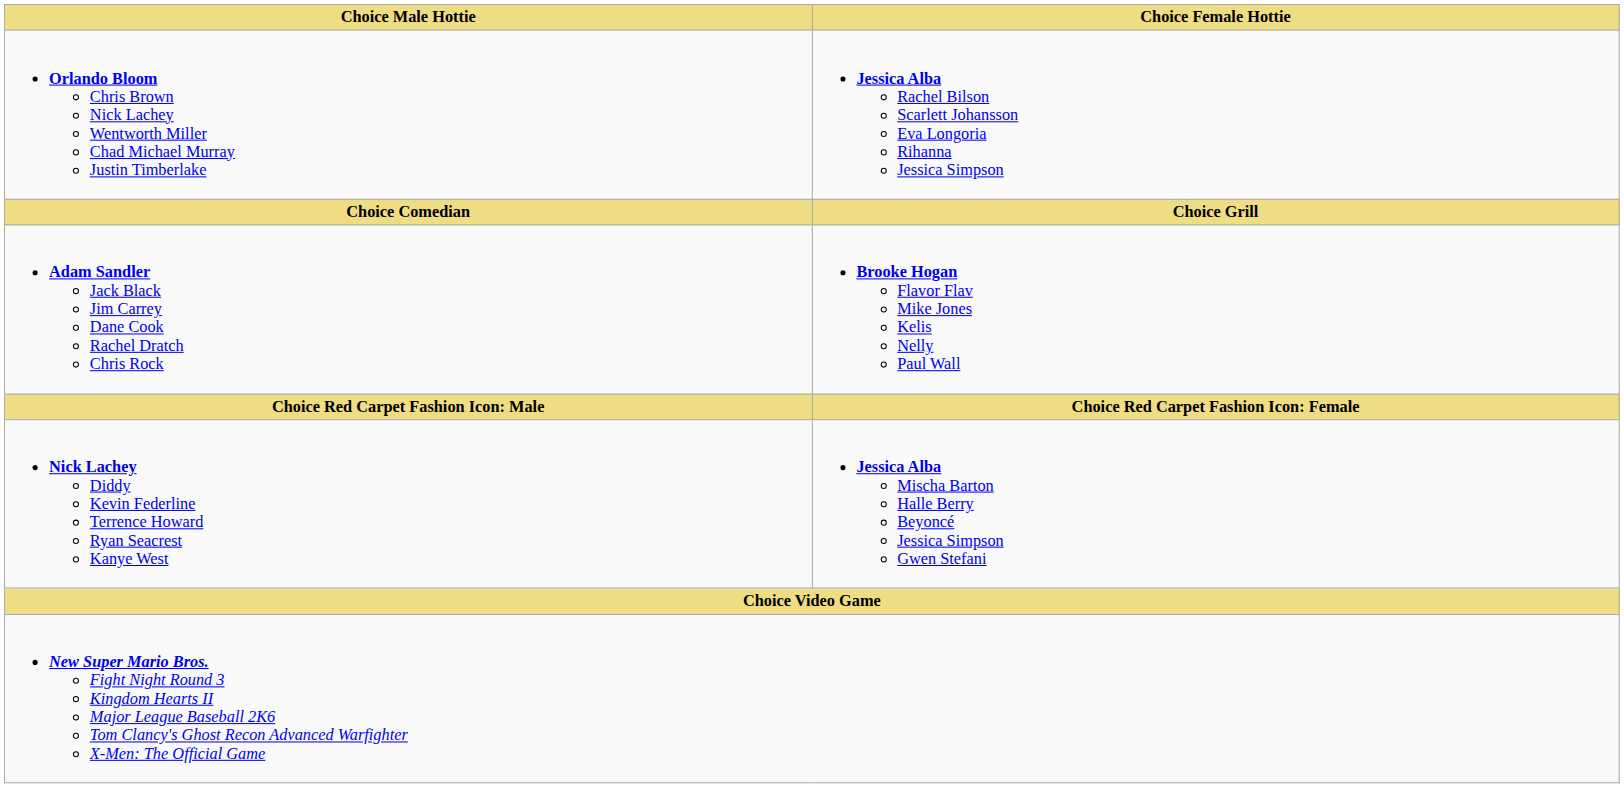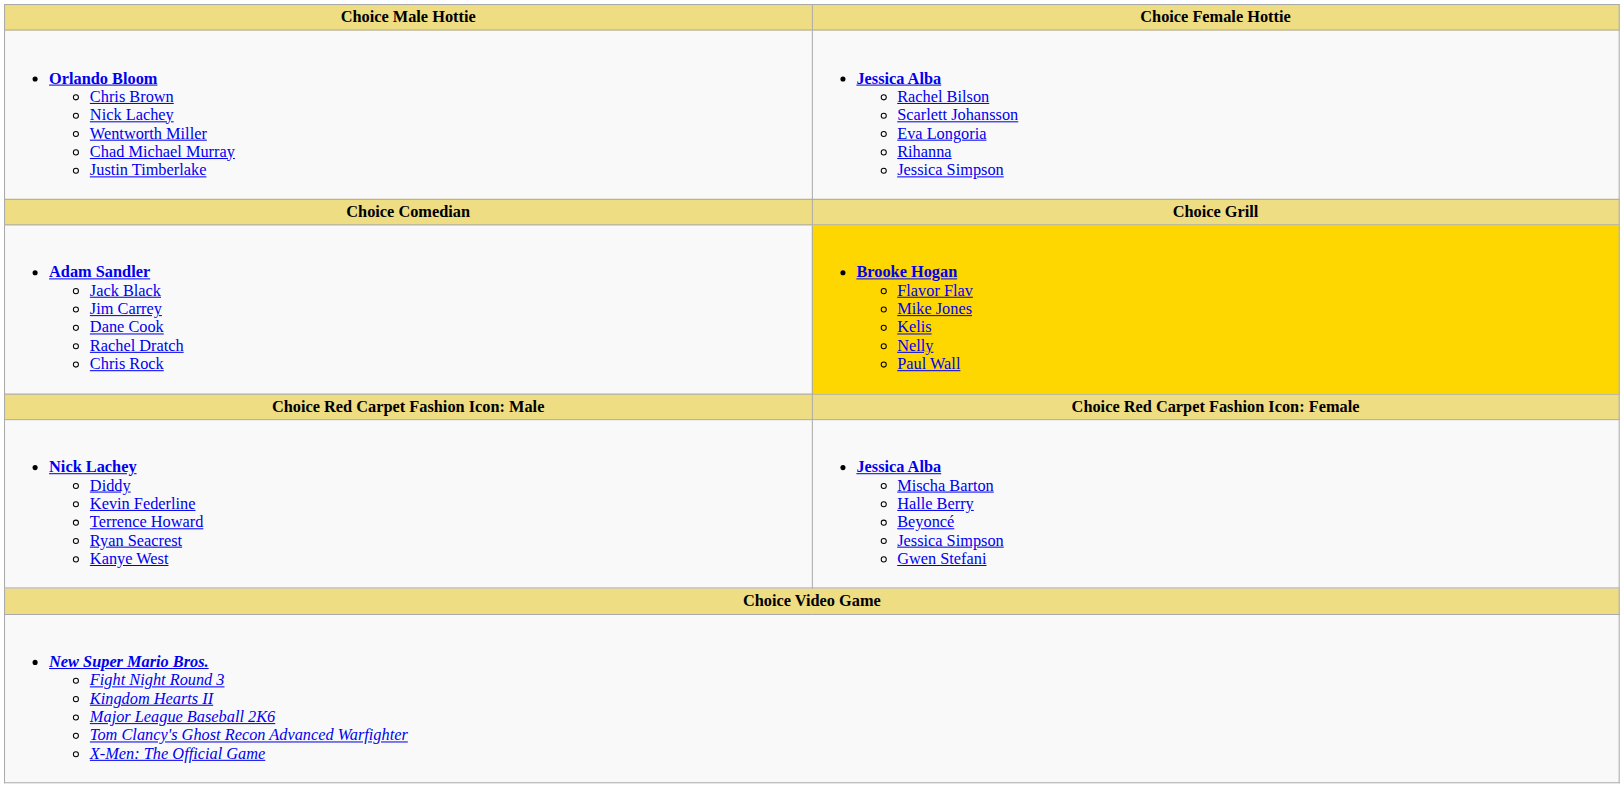 <table class="wikitable" style="width:100%">
 <tr>
 <th style="background:#EEDD82; width:50%">Choice Male Hottie</th>
 <th style="background:#EEDD82; width:50%">Choice Female Hottie</th>
 </tr>
 <tr>
 <td valign="top"><br><ul><li><strong><a href='#'>Orlando Bloom</a></strong><ul><li><a href='#'>Chris Brown</a></li><li><a href='#'>Nick Lachey</a></li><li><a href='#'>Wentworth Miller</a></li><li><a href='#'>Chad Michael Murray</a></li><li><a href='#'>Justin Timberlake</a></li></ul></li></ul></td>
 <td valign="top"><br><ul><li><strong><a href='#'>Jessica Alba</a></strong><ul><li><a href='#'>Rachel Bilson</a></li><li><a href='#'>Scarlett Johansson</a></li><li><a href='#'>Eva Longoria</a></li><li><a href='#'>Rihanna</a></li><li><a href='#'>Jessica Simpson</a></li></ul></li></ul></td>
 </tr>
 <tr>
 <th style="background:#EEDD82; width:50%">Choice Comedian</th>
 <th style="background:#EEDD82; width:50%">Choice Grill</th>
 </tr>
 <tr>
 <td valign="top"><br><ul><li><strong><a href='#'>Adam Sandler</a></strong><ul><li><a href='#'>Jack Black</a></li><li><a href='#'>Jim Carrey</a></li><li><a href='#'>Dane Cook</a></li><li><a href='#'>Rachel Dratch</a></li><li><a href='#'>Chris Rock</a></li></ul></li></ul></td>
-<td valign="top"><br><ul><li><strong><a href='#'>Brooke Hogan</a></strong><ul><li><a href='#'>Flavor Flav</a></li><li><a href='#'>Mike Jones</a></li><li><a href='#'>Kelis</a></li><li><a href='#'>Nelly</a></li><li><a href='#'>Paul Wall</a></li></ul></li></ul></td>
+<td valign="top" style="background: gold;"><br><ul><li><strong><a href='#'>Brooke Hogan</a></strong><ul><li><a href='#'>Flavor Flav</a></li><li><a href='#'>Mike Jones</a></li><li><a href='#'>Kelis</a></li><li><a href='#'>Nelly</a></li><li><a href='#'>Paul Wall</a></li></ul></li></ul></td>
 </tr>
 <tr>
 <th style="background:#EEDD82; width:50%">Choice Red Carpet Fashion Icon: Male</th>
 <th style="background:#EEDD82; width:50%">Choice Red Carpet Fashion Icon: Female</th>
 </tr>
 <tr>
 <td valign="top"><br><ul><li><strong><a href='#'>Nick Lachey</a></strong><ul><li><a href='#'>Diddy</a></li><li><a href='#'>Kevin Federline</a></li><li><a href='#'>Terrence Howard</a></li><li><a href='#'>Ryan Seacrest</a></li><li><a href='#'>Kanye West</a></li></ul></li></ul></td>
 <td valign="top"><br><ul><li><strong><a href='#'>Jessica Alba</a></strong><ul><li><a href='#'>Mischa Barton</a></li><li><a href='#'>Halle Berry</a></li><li><a href='#'>Beyoncé</a></li><li><a href='#'>Jessica Simpson</a></li><li><a href='#'>Gwen Stefani</a></li></ul></li></ul></td>
 </tr>
 <tr>
 <th style="background:#EEDD82;" colspan="2">Choice Video Game</th>
 </tr>
 <tr>
 <td colspan="2" valign="top"><br><ul><li><strong><em><a href='#'>New Super Mario Bros.</a></em></strong><ul><li><em><a href='#'>Fight Night Round 3</a></em></li><li><em><a href='#'>Kingdom Hearts II</a></em></li><li><em><a href='#'>Major League Baseball 2K6</a></em></li><li><em><a href='#'>Tom Clancy's Ghost Recon Advanced Warfighter</a></em></li><li><em><a href='#'>X-Men: The Official Game</a></em></li></ul></li></ul></td>
 </tr>
 </table>
